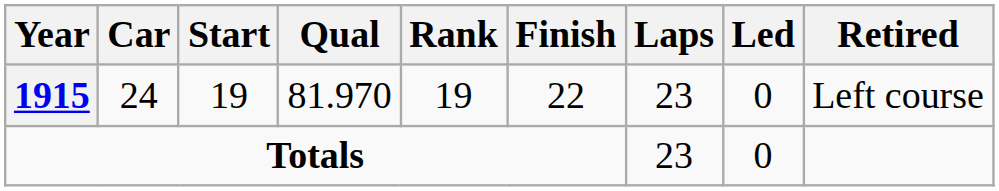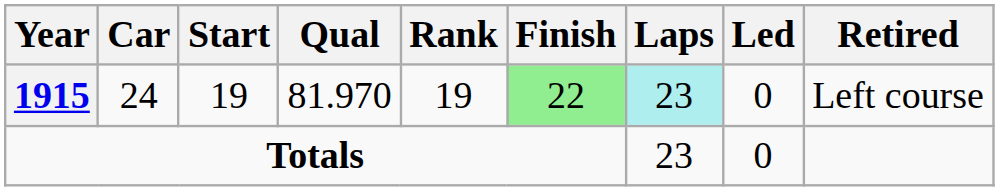 <table class="wikitable" style="text-align:center">
 <tr>
 <th>Year</th>
 <th>Car</th>
 <th>Start</th>
 <th>Qual</th>
 <th>Rank</th>
 <th>Finish</th>
 <th>Laps</th>
 <th>Led</th>
 <th>Retired</th>
 </tr>
 <tr>
 <th><a href='#'>1915</a></th>
 <td>24</td>
 <td>19</td>
 <td>81.970</td>
 <td>19</td>
-<td>22</td>
-<td>23</td>
+<td style="background: lightgreen;">22</td>
+<td style="background: paleturquoise;">23</td>
 <td>0</td>
 <td>Left course</td>
 </tr>
 <tr>
 <td colspan=6><strong>Totals</strong></td>
 <td>23</td>
 <td>0</td>
 <td></td>
 </tr>
 </table>
